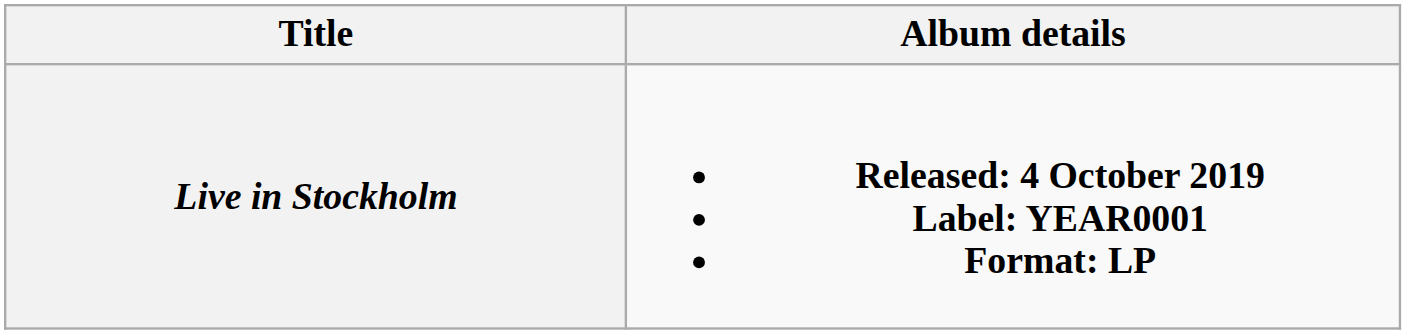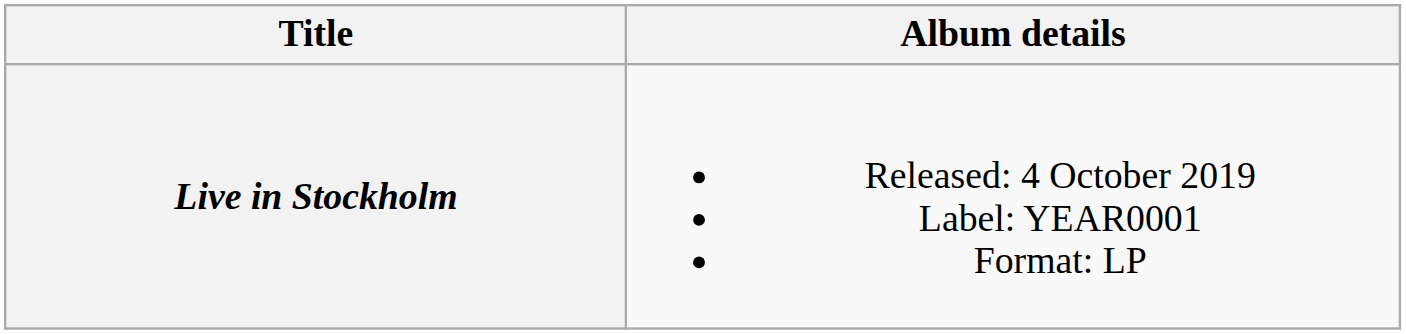 <table class="wikitable plainrowheaders" style="text-align:center;">
 <tr>
 <th scope="col" style="width:16em;">Title</th>
 <th scope="col" style="width:20em;">Album details</th>
 </tr>
 <tr>
 <th scope="row"><em>Live in Stockholm</em><br></th>
-<td><strong><br><ul><li>Released: 4 October 2019</li><li>Label: YEAR0001</li><li>Format: LP</li></ul></strong></td>
+<td><br><ul><li>Released: 4 October 2019</li><li>Label: YEAR0001</li><li>Format: LP</li></ul></td>
 </tr>
 </table>
